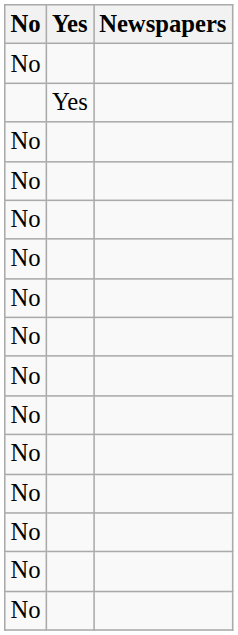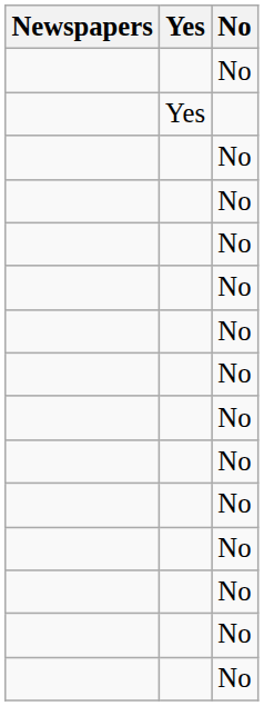 <table class="wikitable">
 <tr>
+<th>Newspapers</th>
+<th>Yes</th>
 <th>No</th>
-<th>Yes</th>
-<th>Newspapers</th>
 </tr>
 <tr>
-<td>No</td>
 <td></td>
 <td></td>
+<td>No</td>
 </tr>
 <tr>
 <td></td>
 <td>Yes</td>
 <td></td>
 </tr>
 <tr>
-<td>No</td>
 <td></td>
 <td></td>
+<td>No</td>
 </tr>
 <tr>
-<td>No</td>
 <td></td>
 <td></td>
+<td>No</td>
 </tr>
 <tr>
-<td>No</td>
 <td></td>
 <td></td>
+<td>No</td>
 </tr>
 <tr>
-<td>No</td>
 <td></td>
 <td></td>
+<td>No</td>
 </tr>
 <tr>
-<td>No</td>
 <td></td>
 <td></td>
+<td>No</td>
 </tr>
 <tr>
-<td>No</td>
 <td></td>
 <td></td>
+<td>No</td>
 </tr>
 <tr>
-<td>No</td>
 <td></td>
 <td></td>
+<td>No</td>
 </tr>
 <tr>
-<td>No</td>
 <td></td>
 <td></td>
+<td>No</td>
 </tr>
 <tr>
-<td>No</td>
 <td></td>
 <td></td>
+<td>No</td>
 </tr>
 <tr>
-<td>No</td>
 <td></td>
 <td></td>
+<td>No</td>
 </tr>
 <tr>
-<td>No</td>
 <td></td>
 <td></td>
+<td>No</td>
 </tr>
 <tr>
-<td>No</td>
 <td></td>
 <td></td>
+<td>No</td>
 </tr>
 <tr>
-<td>No</td>
 <td></td>
 <td></td>
+<td>No</td>
 </tr>
 </table>
